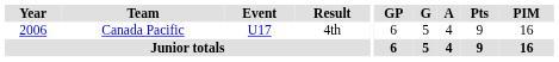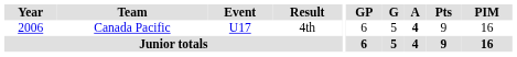 <table border="0" cellpadding="1" cellspacing="0" ID="Table3" style="text-align:center; width:40em">
 <tr ALIGN="center" bgcolor="#e0e0e0">
 <th>Year</th>
 <th>Team</th>
 <th>Event</th>
 <th>Result</th>
 <th rowspan="99" bgcolor="#ffffff"></th>
 <th>GP</th>
 <th>G</th>
 <th>A</th>
 <th>Pts</th>
 <th>PIM</th>
 </tr>
 <tr>
 <td><a href='#'>2006</a></td>
 <td><a href='#'>Canada Pacific</a></td>
 <td><a href='#'>U17</a></td>
 <td>4th</td>
 <td>6</td>
 <td>5</td>
-<td>4</td>
+<td><strong>4</strong></td>
 <td>9</td>
 <td>16</td>
 </tr>
 <tr ALIGN="center" bgcolor="#e0e0e0">
 <th colspan=4>Junior totals</th>
 <th>6</th>
 <th>5</th>
 <th>4</th>
 <th>9</th>
 <th>16</th>
 </tr>
 </table>
